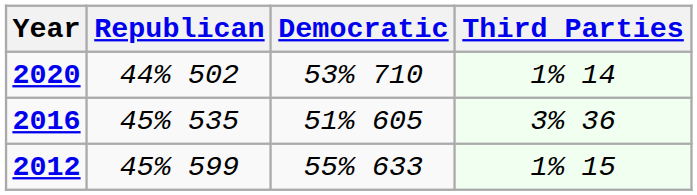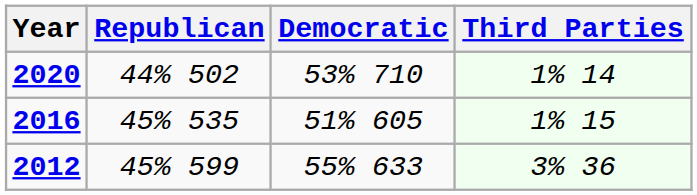 <table class="wikitable" style="float:right; font-size:95%;">
 <tr bgcolor=lightgrey>
 <th>Year</th>
 <th><a href='#'>Republican</a></th>
 <th><a href='#'>Democratic</a></th>
 <th><a href='#'>Third Parties</a></th>
 </tr>
 <tr>
 <td style="text-align:center; "><strong><a href='#'>2020</a></strong></td>
 <td style="text-align:center; "><em>44%</em> <em>502</em></td>
 <td style="text-align:center; "><em>53%</em> <em>710</em></td>
 <td style="text-align:center; background:honeyDew;"><em>1%</em> <em>14</em></td>
 </tr>
 <tr>
 <td style="text-align:center; "><strong><a href='#'>2016</a></strong></td>
 <td style="text-align:center; "><em>45%</em> <em>535</em></td>
 <td style="text-align:center; "><em>51%</em> <em>605</em></td>
-<td style="text-align:center; background:honeyDew;"><em>3%</em> <em>36</em></td>
+<td style="text-align:center; background:honeyDew;"><em>1%</em> <em>15</em></td>
 </tr>
 <tr>
 <td style="text-align:center; "><strong><a href='#'>2012</a></strong></td>
 <td style="text-align:center; "><em>45%</em> <em>599</em></td>
 <td style="text-align:center; "><em>55%</em> <em>633</em></td>
-<td style="text-align:center; background:honeyDew;"><em>1%</em> <em>15</em></td>
+<td style="text-align:center; background:honeyDew;"><em>3%</em> <em>36</em></td>
 </tr>
 </table>
